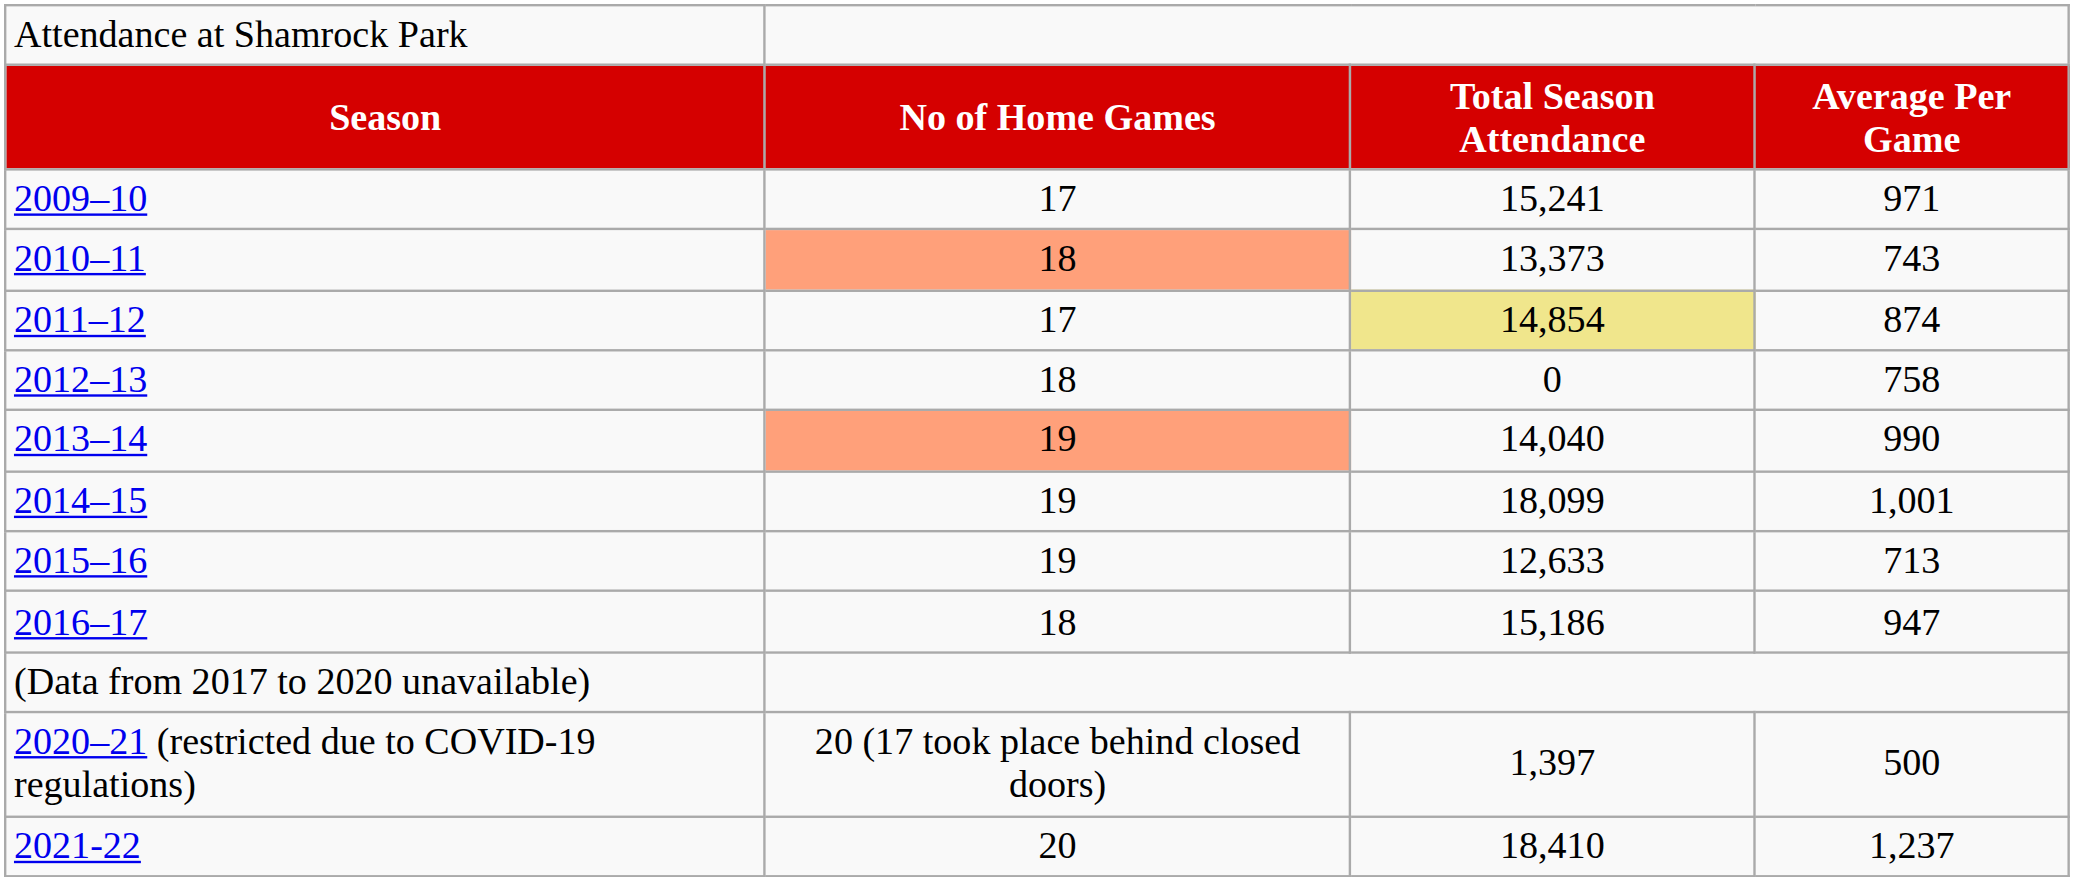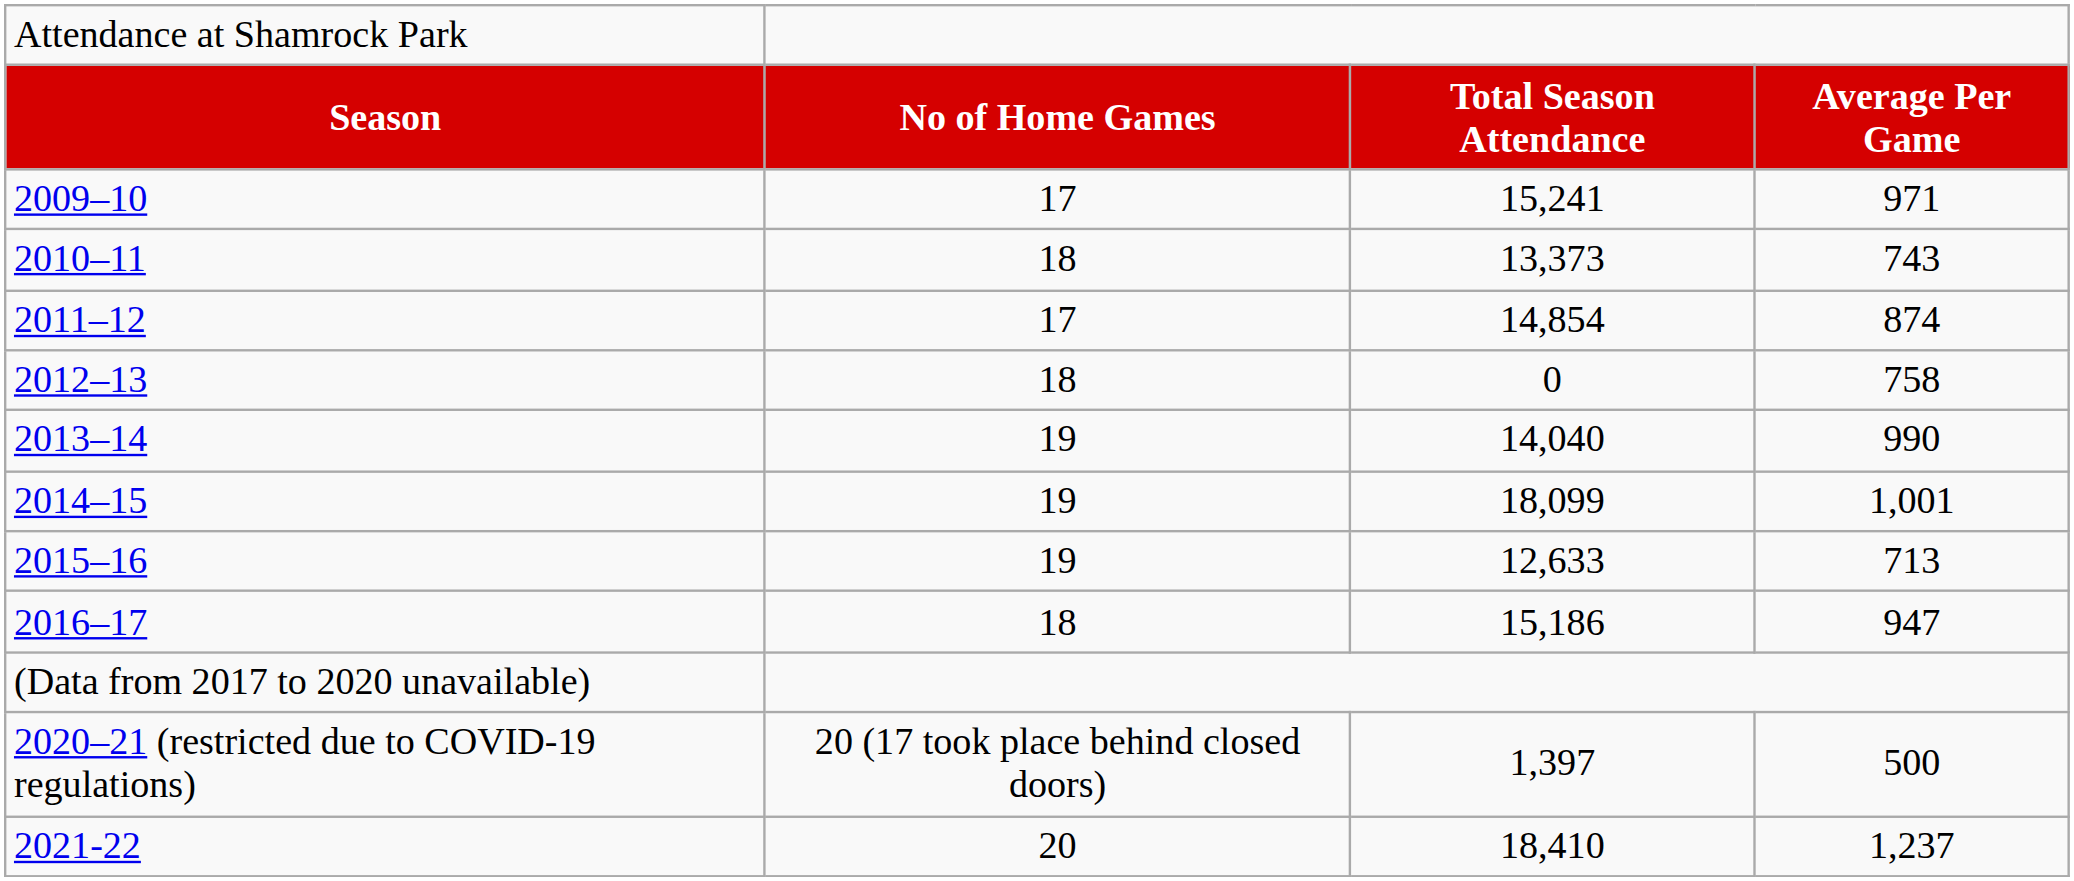 <table class="wikitable" style="text-align:center style="font-size:95%">
 <tr>
 <td>Attendance at Shamrock Park</td>
 </tr>
 <tr>
 <th style="background:#d50000; color:white; text-align:center;">Season</th>
 <th style="background:#d50000; color:white; text-align:center;">No of Home Games</th>
 <th style="background:#d50000; color:white; text-align:center;">Total Season Attendance</th>
 <th style="background:#d50000; color:white; text-align:center;">Average Per Game</th>
 </tr>
 <tr>
 <td><a href='#'>2009–10</a></td>
 <td style="text-align:center;">17</td>
 <td style="text-align:center;">15,241</td>
 <td style="text-align:center;">971</td>
 </tr>
 <tr>
 <td><a href='#'>2010–11</a></td>
-<td style="background: lightsalmon; text-align:center;">18</td>
+<td style="text-align:center;">18</td>
 <td style="text-align:center;">13,373</td>
 <td style="text-align:center;">743</td>
 </tr>
 <tr>
 <td><a href='#'>2011–12</a></td>
 <td style="text-align:center;">17</td>
-<td style="background: khaki; text-align:center;">14,854</td>
+<td style="text-align:center;">14,854</td>
 <td style="text-align:center;">874</td>
 </tr>
 <tr>
 <td><a href='#'>2012–13</a></td>
 <td style="text-align:center;">18</td>
 <td style="text-align:center;">0</td>
 <td style="text-align:center;">758</td>
 </tr>
 <tr>
 <td><a href='#'>2013–14</a></td>
-<td style="background: lightsalmon; text-align:center;">19</td>
+<td style="text-align:center;">19</td>
 <td style="text-align:center;">14,040</td>
 <td style="text-align:center;">990</td>
 </tr>
 <tr>
 <td><a href='#'>2014–15</a></td>
 <td style="text-align:center;">19</td>
 <td style="text-align:center;">18,099</td>
 <td style="text-align:center;">1,001</td>
 </tr>
 <tr>
 <td><a href='#'>2015–16</a></td>
 <td style="text-align:center;">19</td>
 <td style="text-align:center;">12,633</td>
 <td style="text-align:center;">713</td>
 </tr>
 <tr>
 <td><a href='#'>2016–17</a></td>
 <td style="text-align:center;">18</td>
 <td style="text-align:center;">15,186</td>
 <td style="text-align:center;">947</td>
 </tr>
 <tr>
 <td>(Data from 2017 to 2020 unavailable)</td>
 </tr>
 <tr>
 <td><a href='#'>2020–21</a> (restricted due to COVID-19 regulations)</td>
 <td style="text-align:center;">20 (17 took place behind closed doors)</td>
 <td style="text-align:center;">1,397</td>
 <td style="text-align:center;">500</td>
 </tr>
 <tr>
 <td><a href='#'>2021-22</a></td>
 <td style="text-align:center;">20</td>
 <td style="text-align:center;">18,410</td>
 <td style="text-align:center;">1,237</td>
 </tr>
 </table>
